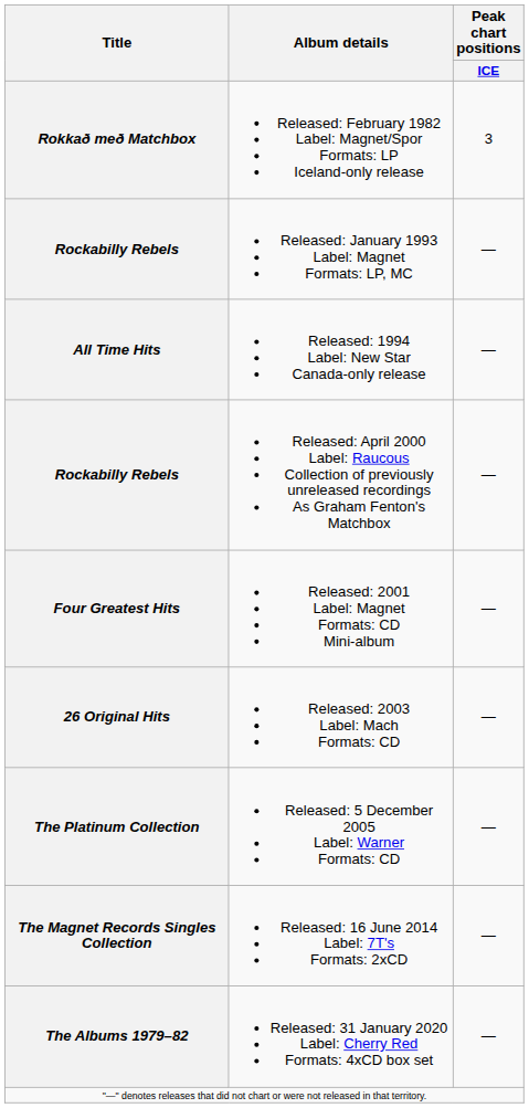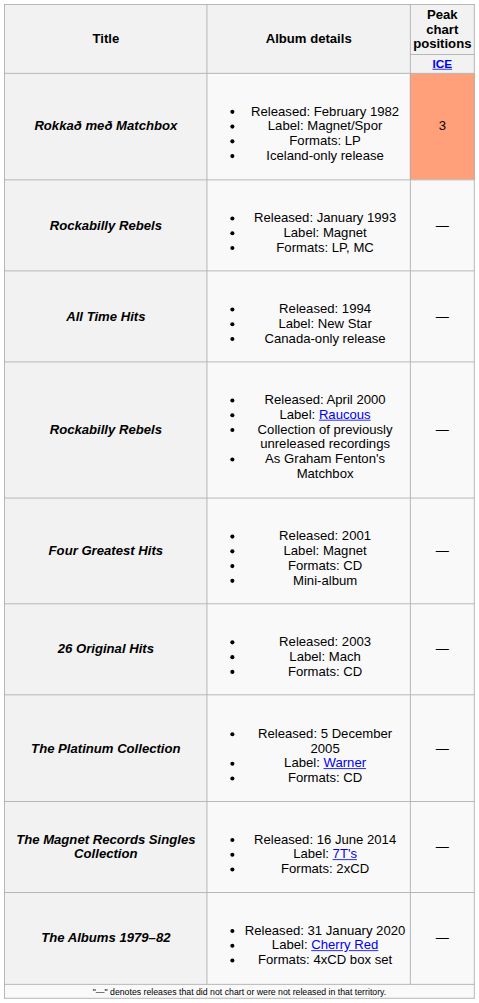 <table class="wikitable plainrowheaders" style="text-align:center;">
 <tr>
 <th rowspan="2" scope="col" style="width:15em;">Title</th>
 <th rowspan="2" scope="col" style="width:15em;">Album details</th>
 <th>Peak chart positions</th>
 </tr>
 <tr>
 <th scope="col" style="width:2em;font-size:90%;"><a href='#'>ICE</a><br></th>
 </tr>
 <tr>
 <th scope="row"><em>Rokkað með Matchbox</em></th>
 <td><br><ul><li>Released: February 1982</li><li>Label: Magnet/Spor</li><li>Formats: LP</li><li>Iceland-only release</li></ul></td>
-<td>3</td>
+<td style="background: lightsalmon;">3</td>
 </tr>
 <tr>
 <th scope="row"><em>Rockabilly Rebels</em></th>
 <td><br><ul><li>Released: January 1993</li><li>Label: Magnet</li><li>Formats: LP, MC</li></ul></td>
 <td>—</td>
 </tr>
 <tr>
 <th scope="row"><em>All Time Hits</em></th>
 <td><br><ul><li>Released: 1994</li><li>Label: New Star</li><li>Canada-only release</li></ul></td>
 <td>—</td>
 </tr>
 <tr>
 <th scope="row"><em>Rockabilly Rebels</em></th>
 <td><br><ul><li>Released: April 2000</li><li>Label: <a href='#'>Raucous</a></li><li>Collection of previously unreleased recordings</li><li>As Graham Fenton's Matchbox</li></ul></td>
 <td>—</td>
 </tr>
 <tr>
 <th scope="row"><em>Four Greatest Hits</em></th>
 <td><br><ul><li>Released: 2001</li><li>Label: Magnet</li><li>Formats: CD</li><li>Mini-album</li></ul></td>
 <td>—</td>
 </tr>
 <tr>
 <th scope="row"><em>26 Original Hits</em></th>
 <td><br><ul><li>Released: 2003</li><li>Label: Mach</li><li>Formats: CD</li></ul></td>
 <td>—</td>
 </tr>
 <tr>
 <th scope="row"><em>The Platinum Collection</em></th>
 <td><br><ul><li>Released: 5 December 2005</li><li>Label: <a href='#'>Warner</a></li><li>Formats: CD</li></ul></td>
 <td>—</td>
 </tr>
 <tr>
 <th scope="row"><em>The Magnet Records Singles Collection</em></th>
 <td><br><ul><li>Released: 16 June 2014</li><li>Label: <a href='#'>7T's</a></li><li>Formats: 2xCD</li></ul></td>
 <td>—</td>
 </tr>
 <tr>
 <th scope="row"><em>The Albums 1979–82</em></th>
 <td><br><ul><li>Released: 31 January 2020</li><li>Label: <a href='#'>Cherry Red</a></li><li>Formats: 4xCD box set</li></ul></td>
 <td>—</td>
 </tr>
 <tr>
 <td colspan="3" style="font-size:8pt">"—" denotes releases that did not chart or were not released in that territory.</td>
 </tr>
 </table>
